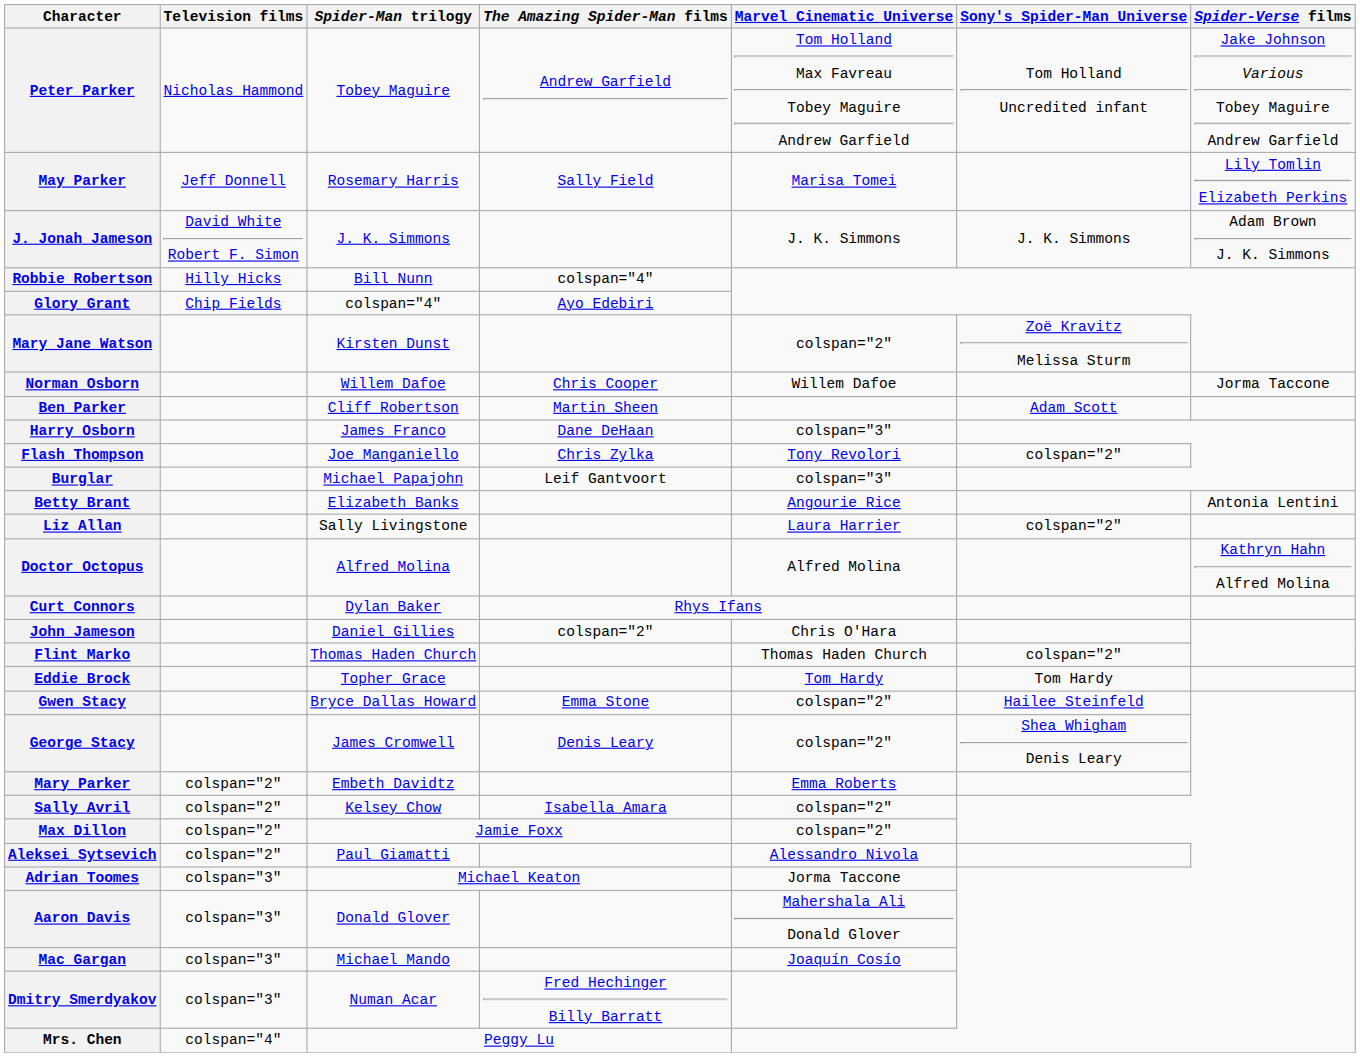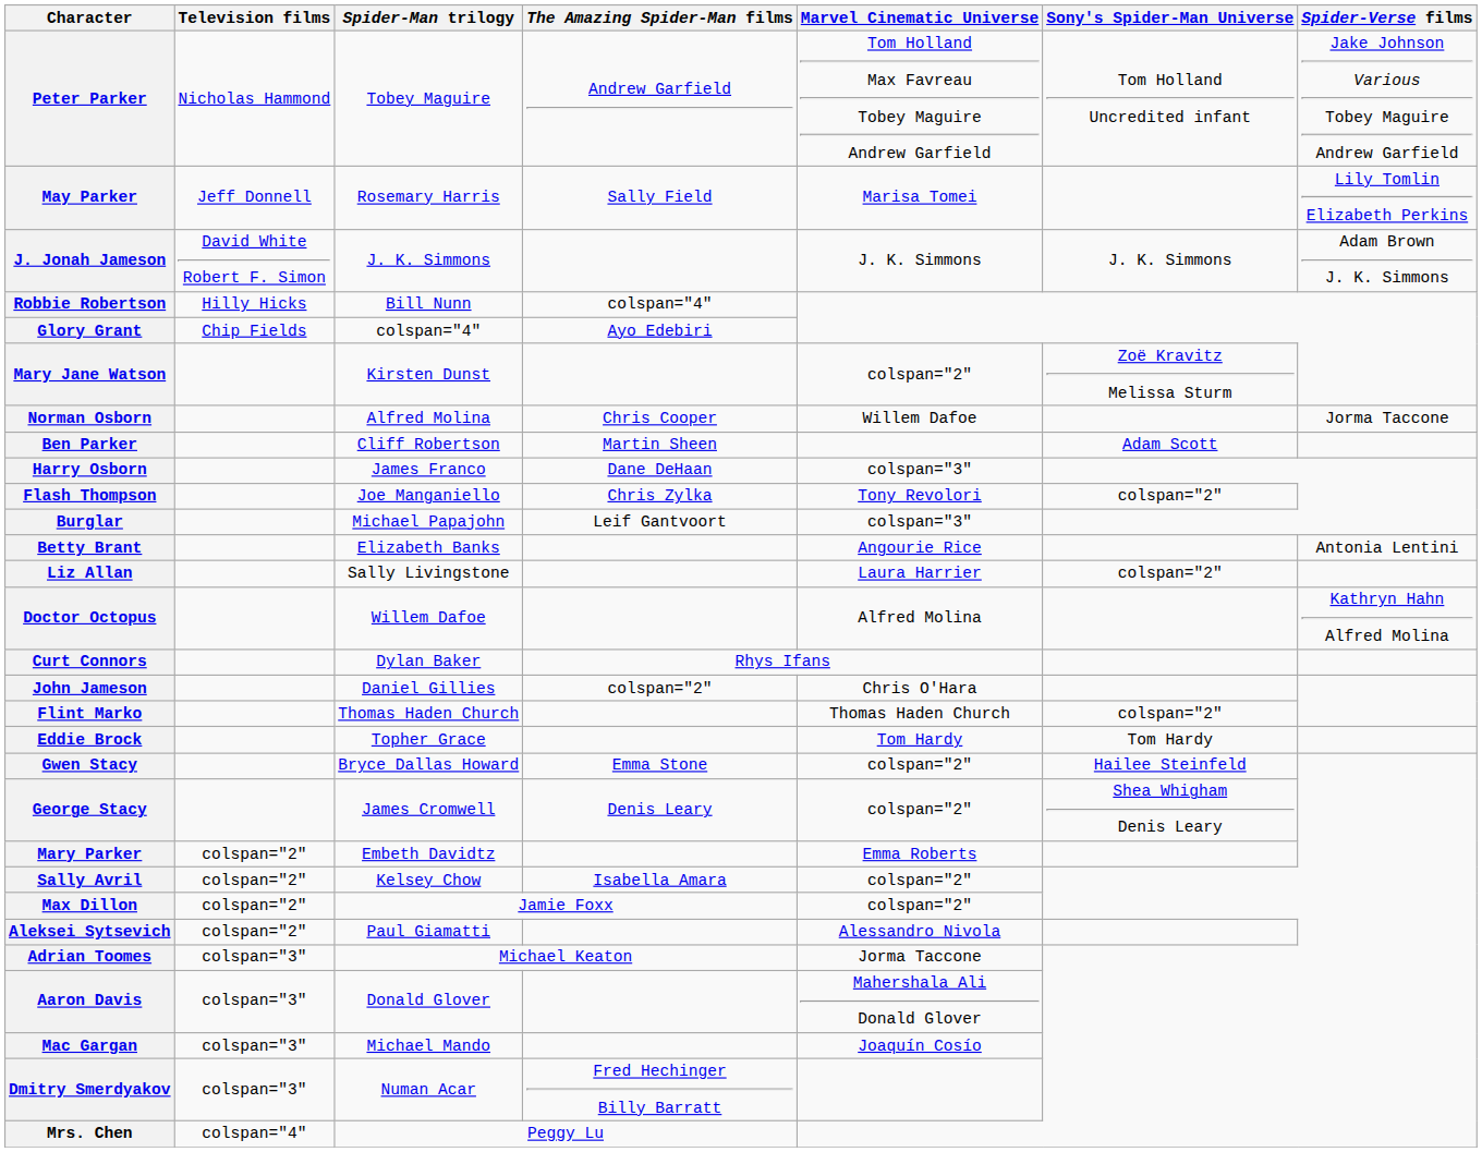 <table class="wikitable" style="text-align:center;">
 <tr>
 <th>Character</th>
 <th>Television films<br></th>
 <th><em>Spider-Man</em> trilogy<br></th>
 <th><em>The Amazing Spider-Man</em> films<br></th>
 <th><a href='#'>Marvel Cinematic Universe</a><br></th>
 <th><a href='#'>Sony's Spider-Man Universe</a><br></th>
 <th><a href='#'><em>Spider-Verse</em></a> films<br></th>
 </tr>
 <tr>
 <th><a href='#'>Peter Parker<br></a></th>
 <td><a href='#'>Nicholas Hammond</a></td>
 <td><a href='#'>Tobey Maguire</a></td>
 <td><a href='#'>Andrew Garfield</a><hr></td>
 <td><a href='#'>Tom Holland</a><hr>Max Favreau <hr>Tobey Maguire<hr>Andrew Garfield</td>
 <td>Tom Holland <hr>Uncredited infant</td>
 <td><a href='#'>Jake Johnson</a><hr><em>Various</em><hr>Tobey Maguire<hr>Andrew Garfield</td>
 </tr>
 <tr>
 <th><a href='#'>May Parker</a></th>
 <td><a href='#'>Jeff Donnell</a></td>
 <td><a href='#'>Rosemary Harris</a></td>
 <td><a href='#'>Sally Field</a></td>
 <td><a href='#'>Marisa Tomei</a></td>
 <td></td>
 <td><a href='#'>Lily Tomlin</a><hr><a href='#'>Elizabeth Perkins</a></td>
 </tr>
 <tr>
 <th><a href='#'>J. Jonah Jameson</a></th>
 <td><a href='#'>David White</a><hr><a href='#'>Robert F. Simon</a></td>
 <td><a href='#'>J. K. Simmons</a></td>
 <td></td>
 <td>J. K. Simmons</td>
 <td>J. K. Simmons</td>
 <td>Adam Brown<hr>J. K. Simmons</td>
 </tr>
 <tr>
 <th><a href='#'>Robbie Robertson</a></th>
 <td><a href='#'>Hilly Hicks</a></td>
 <td><a href='#'>Bill Nunn</a></td>
 <td>colspan="4" </td>
 </tr>
 <tr>
 <th><a href='#'>Glory Grant</a></th>
 <td><a href='#'>Chip Fields</a></td>
 <td>colspan="4" </td>
 <td><a href='#'>Ayo Edebiri</a></td>
 </tr>
 <tr>
 <th><a href='#'>Mary Jane Watson</a></th>
 <td></td>
 <td><a href='#'>Kirsten Dunst</a></td>
 <td> </td>
 <td>colspan="2" </td>
 <td><a href='#'>Zoë Kravitz</a><hr>Melissa Sturm</td>
 </tr>
 <tr>
 <th><a href='#'>Norman Osborn</a></th>
 <td></td>
-<td><a href='#'>Willem Dafoe</a></td>
+<td><a href='#'>Alfred Molina</a></td>
 <td><a href='#'>Chris Cooper</a></td>
 <td>Willem Dafoe</td>
 <td></td>
 <td>Jorma Taccone</td>
 </tr>
 <tr>
 <th><a href='#'>Ben Parker</a></th>
 <td></td>
 <td><a href='#'>Cliff Robertson</a></td>
 <td><a href='#'>Martin Sheen</a></td>
 <td></td>
 <td><a href='#'>Adam Scott</a></td>
 <td></td>
 </tr>
 <tr>
 <th><a href='#'>Harry Osborn</a></th>
 <td></td>
 <td><a href='#'>James Franco</a></td>
 <td><a href='#'>Dane DeHaan</a></td>
 <td>colspan="3" </td>
 </tr>
 <tr>
 <th><a href='#'>Flash Thompson</a></th>
 <td></td>
 <td><a href='#'>Joe Manganiello</a></td>
 <td><a href='#'>Chris Zylka</a></td>
 <td><a href='#'>Tony Revolori</a></td>
 <td>colspan="2" </td>
 </tr>
 <tr>
 <th><a href='#'>Burglar</a></th>
 <td></td>
 <td><a href='#'>Michael Papajohn</a></td>
 <td>Leif Gantvoort</td>
 <td>colspan="3" </td>
 </tr>
 <tr>
 <th><a href='#'>Betty Brant</a></th>
 <td></td>
 <td><a href='#'>Elizabeth Banks</a></td>
 <td></td>
 <td><a href='#'>Angourie Rice</a></td>
 <td></td>
 <td>Antonia Lentini</td>
 </tr>
 <tr>
 <th><a href='#'>Liz Allan</a></th>
 <td></td>
 <td>Sally Livingstone</td>
 <td></td>
 <td><a href='#'>Laura Harrier</a></td>
 <td>colspan="2" </td>
 </tr>
 <tr>
 <th><a href='#'>Doctor Octopus</a></th>
 <td></td>
-<td><a href='#'>Alfred Molina</a></td>
+<td><a href='#'>Willem Dafoe</a></td>
 <td></td>
 <td>Alfred Molina</td>
 <td></td>
 <td><a href='#'>Kathryn Hahn</a><hr> Alfred Molina</td>
 </tr>
 <tr>
 <th><a href='#'>Curt Connors</a></th>
 <td></td>
 <td><a href='#'>Dylan Baker</a></td>
 <td colspan="2"><a href='#'>Rhys Ifans</a></td>
 <td></td>
 <td></td>
 </tr>
 <tr>
 <th><a href='#'>John Jameson</a></th>
 <td></td>
 <td><a href='#'>Daniel Gillies</a></td>
 <td>colspan="2" </td>
 <td>Chris O'Hara</td>
 <td></td>
 </tr>
 <tr>
 <th><a href='#'>Flint Marko<br></a></th>
 <td></td>
 <td><a href='#'>Thomas Haden Church</a></td>
 <td></td>
 <td>Thomas Haden Church</td>
 <td>colspan="2" </td>
 </tr>
 <tr>
 <th><a href='#'>Eddie Brock</a><br></th>
 <td></td>
 <td><a href='#'>Topher Grace</a></td>
 <td></td>
 <td><a href='#'>Tom Hardy</a></td>
 <td>Tom Hardy</td>
 <td></td>
 </tr>
 <tr>
 <th><a href='#'>Gwen Stacy</a></th>
 <td></td>
 <td><a href='#'>Bryce Dallas Howard</a></td>
 <td><a href='#'>Emma Stone</a></td>
 <td>colspan="2" </td>
 <td><a href='#'>Hailee Steinfeld</a></td>
 </tr>
 <tr>
 <th><a href='#'>George Stacy</a></th>
 <td></td>
 <td><a href='#'>James Cromwell</a></td>
 <td><a href='#'>Denis Leary</a></td>
 <td>colspan="2" </td>
 <td><a href='#'>Shea Whigham</a><hr>Denis Leary</td>
 </tr>
 <tr>
 <th><a href='#'>Mary Parker</a></th>
 <td>colspan="2" </td>
 <td><a href='#'>Embeth Davidtz</a></td>
 <td></td>
 <td><a href='#'>Emma Roberts</a></td>
 <td></td>
 </tr>
 <tr>
 <th><a href='#'>Sally Avril</a></th>
 <td>colspan="2" </td>
 <td><a href='#'>Kelsey Chow</a></td>
 <td><a href='#'>Isabella Amara</a></td>
 <td>colspan="2" </td>
 </tr>
 <tr>
 <th><a href='#'>Max Dillon<br></a></th>
 <td>colspan="2" </td>
 <td colspan="2"><a href='#'>Jamie Foxx</a></td>
 <td>colspan="2" </td>
 </tr>
 <tr>
 <th><a href='#'>Aleksei Sytsevich<br></a></th>
 <td>colspan="2" </td>
 <td><a href='#'>Paul Giamatti</a></td>
 <td></td>
 <td><a href='#'>Alessandro Nivola</a></td>
 <td></td>
 </tr>
 <tr>
 <th><a href='#'>Adrian Toomes<br></a></th>
 <td>colspan="3" </td>
 <td colspan="2"><a href='#'>Michael Keaton</a></td>
 <td>Jorma Taccone</td>
 </tr>
 <tr>
 <th><a href='#'>Aaron Davis</a></th>
 <td>colspan="3" </td>
 <td><a href='#'>Donald Glover</a></td>
 <td></td>
 <td><a href='#'>Mahershala Ali</a><hr>Donald Glover</td>
 </tr>
 <tr>
 <th><a href='#'>Mac Gargan</a></th>
 <td>colspan="3" </td>
 <td><a href='#'>Michael Mando</a></td>
 <td></td>
 <td><a href='#'>Joaquín Cosío</a></td>
 </tr>
 <tr>
 <th><a href='#'>Dmitry Smerdyakov<br></a></th>
 <td>colspan="3" </td>
 <td><a href='#'>Numan Acar</a></td>
 <td><a href='#'>Fred Hechinger</a><hr><a href='#'>Billy Barratt</a></td>
 <td></td>
 </tr>
 <tr>
 <th>Mrs. Chen</th>
 <td>colspan="4" </td>
 <td colspan="2"><a href='#'>Peggy Lu</a></td>
 </tr>
 </table>
